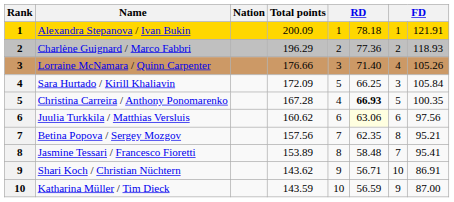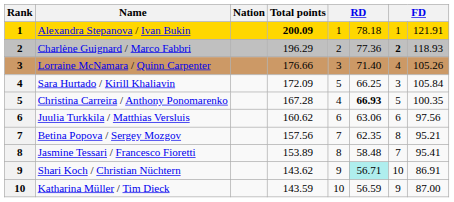 <table class="wikitable sortable">
 <tr>
 <th>Rank</th>
 <th>Name</th>
 <th>Nation</th>
 <th>Total points</th>
 <th colspan="2" width="80px"><a href='#'>RD</a></th>
 <th colspan="2" width="80px"><a href='#'>FD</a></th>
 </tr>
 <tr bgcolor="gold">
 <td align="center"><strong>1</strong></td>
 <td><a href='#'>Alexandra Stepanova</a> / <a href='#'>Ivan Bukin</a></td>
 <td></td>
-<td align="center">200.09</td>
+<td align="center"><strong>200.09</strong></td>
 <td align="center">1</td>
 <td align="center">78.18</td>
 <td align="center">1</td>
 <td align="center">121.91</td>
 </tr>
 <tr bgcolor="silver">
 <td align="center"><strong>2</strong></td>
 <td><a href='#'>Charlène Guignard</a> / <a href='#'>Marco Fabbri</a></td>
 <td></td>
 <td align="center">196.29</td>
 <td align="center">2</td>
 <td align="center">77.36</td>
-<td align="center">2</td>
+<td align="center"><strong>2</strong></td>
 <td align="center">118.93</td>
 </tr>
 <tr bgcolor="cc9966">
 <td align="center"><strong>3</strong></td>
 <td><a href='#'>Lorraine McNamara</a> / <a href='#'>Quinn Carpenter</a></td>
 <td></td>
 <td align="center">176.66</td>
 <td align="center">3</td>
 <td align="center">71.40</td>
 <td align="center">4</td>
 <td align="center">105.26</td>
 </tr>
 <tr>
 <th>4</th>
 <td><a href='#'>Sara Hurtado</a> / <a href='#'>Kirill Khaliavin</a></td>
 <td></td>
 <td align="center">172.09</td>
 <td align="center">5</td>
 <td align="center">66.25</td>
 <td align="center">3</td>
 <td align="center">105.84</td>
 </tr>
 <tr>
 <th>5</th>
 <td><a href='#'>Christina Carreira</a> / <a href='#'>Anthony Ponomarenko</a></td>
 <td></td>
 <td align="center">167.28</td>
 <td align="center">4</td>
 <td align="center"><strong>66.93</strong></td>
 <td align="center">5</td>
 <td align="center">100.35</td>
 </tr>
 <tr>
 <th>6</th>
 <td><a href='#'>Juulia Turkkila</a> / <a href='#'>Matthias Versluis</a></td>
 <td></td>
 <td align="center">160.62</td>
 <td align="center">6</td>
-<td align="center" style="background: lightyellow;">63.06</td>
+<td align="center">63.06</td>
 <td align="center">6</td>
 <td align="center">97.56</td>
 </tr>
 <tr>
 <th>7</th>
 <td><a href='#'>Betina Popova</a> / <a href='#'>Sergey Mozgov</a></td>
 <td></td>
 <td align="center">157.56</td>
 <td align="center">7</td>
 <td align="center">62.35</td>
 <td align="center">8</td>
 <td align="center">95.21</td>
 </tr>
 <tr>
 <th>8</th>
 <td><a href='#'>Jasmine Tessari</a> / <a href='#'>Francesco Fioretti</a></td>
 <td></td>
 <td align="center">153.89</td>
 <td align="center">8</td>
 <td align="center">58.48</td>
 <td align="center">7</td>
 <td align="center">95.41</td>
 </tr>
 <tr>
 <th>9</th>
 <td><a href='#'>Shari Koch</a> / <a href='#'>Christian Nüchtern</a></td>
 <td></td>
 <td align="center">143.62</td>
 <td align="center">9</td>
-<td align="center">56.71</td>
+<td align="center" style="background: paleturquoise;">56.71</td>
 <td align="center">10</td>
 <td align="center">86.91</td>
 </tr>
 <tr>
 <th>10</th>
 <td><a href='#'>Katharina Müller</a> / <a href='#'>Tim Dieck</a></td>
 <td></td>
 <td align="center">143.59</td>
 <td align="center">10</td>
 <td align="center">56.59</td>
 <td align="center">9</td>
 <td align="center">87.00</td>
 </tr>
 </table>
